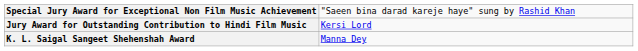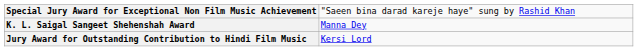 <table class="wikitable">
 <tr>
 <th style="text-align: left;">Special Jury Award for Exceptional Non Film Music Achievement</th>
 <td>"Saeen bina darad kareje haye" sung by <a href='#'>Rashid Khan</a></td>
 </tr>
 <tr>
+<th style="text-align: left;">K. L. Saigal Sangeet Shehenshah Award</th>
+<td><a href='#'>Manna Dey</a></td>
+</tr>
+<tr>
 <th style="text-align: left; width:50%;">Jury Award for Outstanding Contribution to Hindi Film Music</th>
 <td><a href='#'>Kersi Lord</a></td>
 </tr>
-<tr>
-<th style="text-align: left;">K. L. Saigal Sangeet Shehenshah Award</th>
-<td><a href='#'>Manna Dey</a></td>
-</tr>
 </table>
